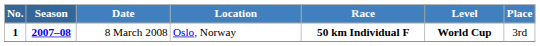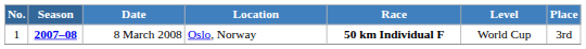 <table class="wikitable sortable" style="font-size:95%; text-align:center; border:grey solid 1px; border-collapse:collapse; background:#ffffff;">
 <tr style="background:#efefef;">
 <th style="background-color:#369; color:white;">No.</th>
 <th style="background-color:#369; color:white;">Season</th>
 <th style="background-color:#4180be; color:white; width:120px;">Date</th>
 <th style="background-color:#4180be; color:white; width:170px;">Location</th>
 <th style="background-color:#4180be; color:white; width:160px;">Race</th>
 <th style="background-color:#4180be; color:white; width:100px;">Level</th>
 <th style="background-color:#4180be; color:white;">Place</th>
 </tr>
 <tr>
-<td align=center><strong>1</strong></td>
+<td align=center>1</td>
 <td rowspan=1 align=center><strong> <a href='#'>2007–08</a> </strong></td>
 <td align=right>8 March 2008</td>
 <td align=left> <a href='#'>Oslo</a>, Norway</td>
 <td><strong>50 km Individual F</strong></td>
-<td><strong>World Cup</strong></td>
+<td>World Cup</td>
 <td>3rd</td>
 </tr>
 <tr>
 </tr>
 </table>
